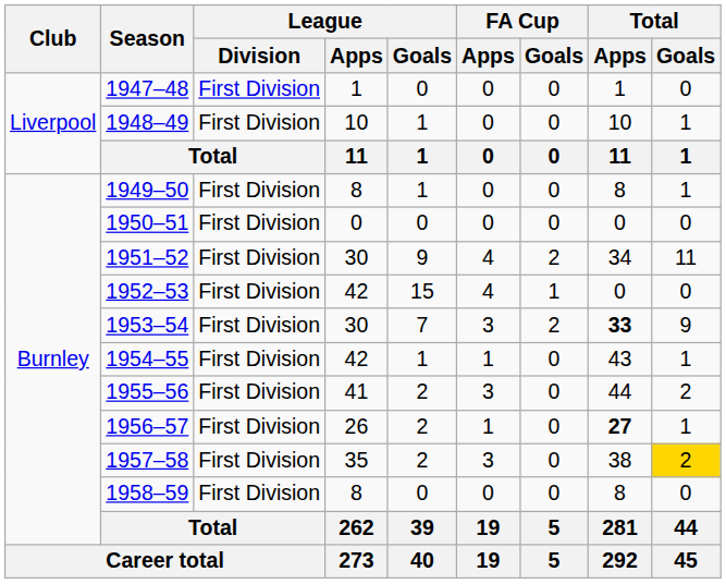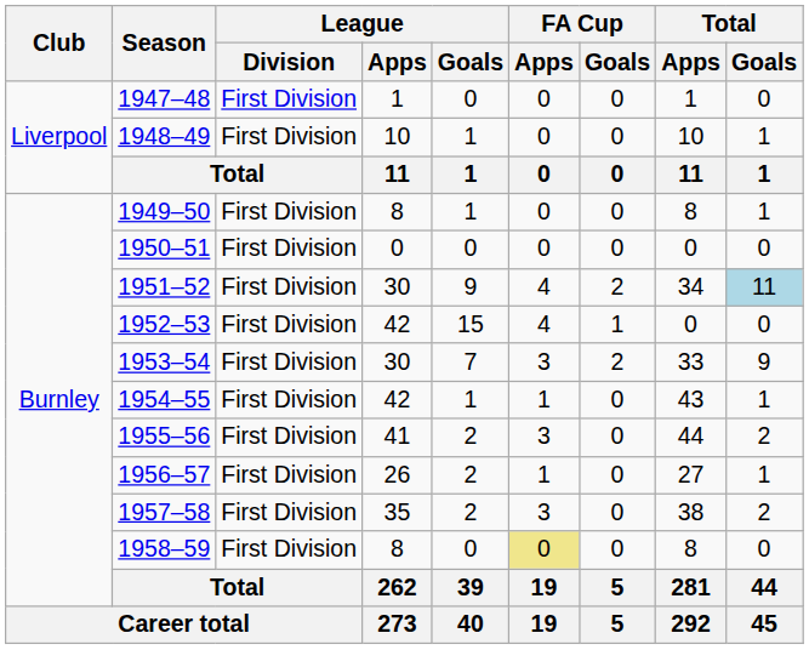 <table class="wikitable" style="text-align: center;">
 <tr>
 <th rowspan="2">Club</th>
 <th rowspan="2">Season</th>
 <th colspan="3">League</th>
 <th colspan="2">FA Cup</th>
 <th colspan="2">Total</th>
 </tr>
 <tr>
 <th>Division</th>
 <th>Apps</th>
 <th>Goals</th>
 <th>Apps</th>
 <th>Goals</th>
 <th>Apps</th>
 <th>Goals</th>
 </tr>
 <tr>
 <td rowspan="3"><a href='#'>Liverpool</a></td>
 <td><a href='#'>1947–48</a></td>
 <td><a href='#'>First Division</a></td>
 <td>1</td>
 <td>0</td>
 <td>0</td>
 <td>0</td>
 <td>1</td>
 <td>0</td>
 </tr>
 <tr>
 <td><a href='#'>1948–49</a></td>
 <td>First Division</td>
 <td>10</td>
 <td>1</td>
 <td>0</td>
 <td>0</td>
 <td>10</td>
 <td>1</td>
 </tr>
 <tr>
 <th colspan="2">Total</th>
 <th>11</th>
 <th>1</th>
 <th>0</th>
 <th>0</th>
 <th>11</th>
 <th>1</th>
 </tr>
 <tr>
 <td rowspan="11"><a href='#'>Burnley</a></td>
 <td><a href='#'>1949–50</a></td>
 <td>First Division</td>
 <td>8</td>
 <td>1</td>
 <td>0</td>
 <td>0</td>
 <td>8</td>
 <td>1</td>
 </tr>
 <tr>
 <td><a href='#'>1950–51</a></td>
 <td>First Division</td>
 <td>0</td>
 <td>0</td>
 <td>0</td>
 <td>0</td>
 <td>0</td>
 <td>0</td>
 </tr>
 <tr>
 <td><a href='#'>1951–52</a></td>
 <td>First Division</td>
 <td>30</td>
 <td>9</td>
 <td>4</td>
 <td>2</td>
 <td>34</td>
-<td>11</td>
+<td style="background: lightblue;">11</td>
 </tr>
 <tr>
 <td><a href='#'>1952–53</a></td>
 <td>First Division</td>
 <td>42</td>
 <td>15</td>
 <td>4</td>
 <td>1</td>
 <td>0</td>
 <td>0</td>
 </tr>
 <tr>
 <td><a href='#'>1953–54</a></td>
 <td>First Division</td>
 <td>30</td>
 <td>7</td>
 <td>3</td>
 <td>2</td>
-<td><strong>33</strong></td>
+<td>33</td>
 <td>9</td>
 </tr>
 <tr>
 <td><a href='#'>1954–55</a></td>
 <td>First Division</td>
 <td>42</td>
 <td>1</td>
 <td>1</td>
 <td>0</td>
 <td>43</td>
 <td>1</td>
 </tr>
 <tr>
 <td><a href='#'>1955–56</a></td>
 <td>First Division</td>
 <td>41</td>
 <td>2</td>
 <td>3</td>
 <td>0</td>
 <td>44</td>
 <td>2</td>
 </tr>
 <tr>
 <td><a href='#'>1956–57</a></td>
 <td>First Division</td>
 <td>26</td>
 <td>2</td>
 <td>1</td>
 <td>0</td>
-<td><strong>27</strong></td>
+<td>27</td>
 <td>1</td>
 </tr>
 <tr>
 <td><a href='#'>1957–58</a></td>
 <td>First Division</td>
 <td>35</td>
 <td>2</td>
 <td>3</td>
 <td>0</td>
 <td>38</td>
-<td style="background: gold;">2</td>
+<td>2</td>
 </tr>
 <tr>
 <td><a href='#'>1958–59</a></td>
 <td>First Division</td>
 <td>8</td>
 <td>0</td>
-<td>0</td>
+<td style="background: khaki;">0</td>
 <td>0</td>
 <td>8</td>
 <td>0</td>
 </tr>
 <tr>
 <th colspan="2">Total</th>
 <th>262</th>
 <th>39</th>
 <th>19</th>
 <th>5</th>
 <th>281</th>
 <th>44</th>
 </tr>
 <tr>
 <th colspan="3">Career total</th>
 <th>273</th>
 <th>40</th>
 <th>19</th>
 <th>5</th>
 <th>292</th>
 <th>45</th>
 </tr>
 </table>
